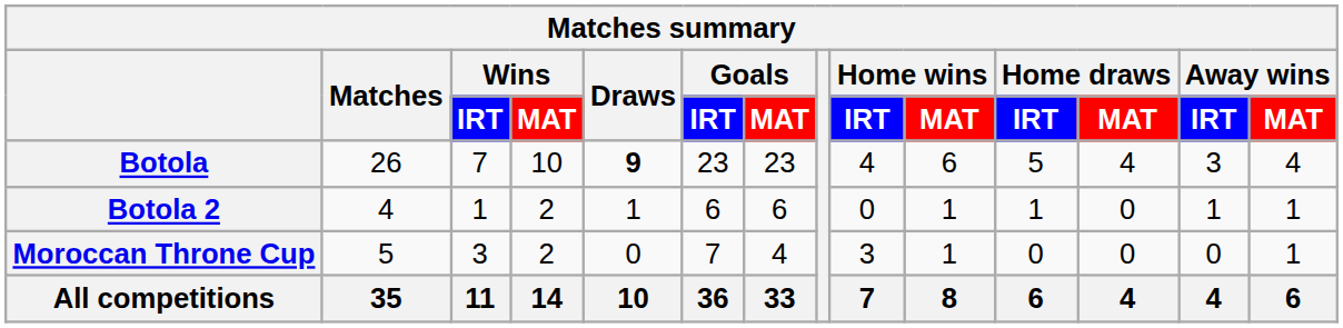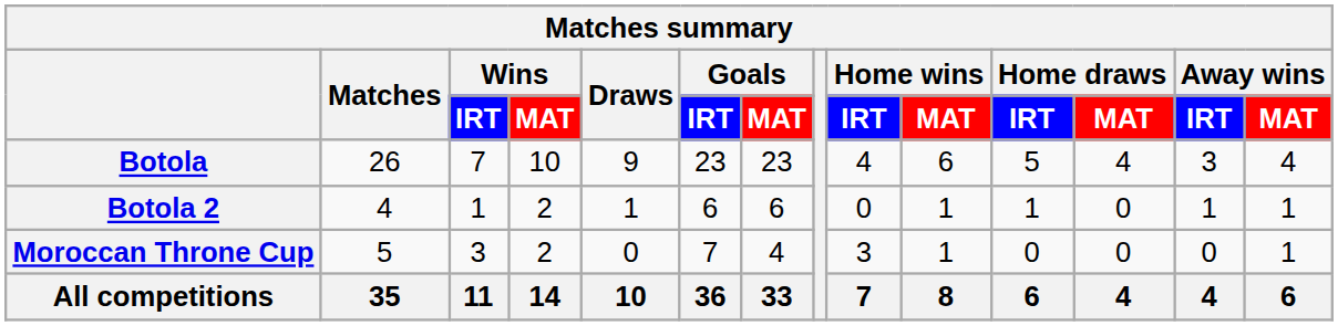 <table class="wikitable collapsible collapsed" style="text-align: center; width=25%; font-size: 11px">
 <tr>
 <th colspan="14"  style="text-align:center;">Matches summary</th>
 </tr>
 <tr>
 <th rowspan="2"></th>
 <th rowspan="2">Matches</th>
 <th colspan="2">Wins</th>
 <th rowspan="2">Draws</th>
 <th colspan="2">Goals</th>
 <th rowspan="6"></th>
 <th colspan="2">Home wins</th>
 <th colspan="2">Home draws</th>
 <th colspan="2">Away wins</th>
 </tr>
 <tr>
 <th style="color:#ffffff; background:#0000ff;">IRT</th>
 <th style="color:#ffffff; background:#ff0000;">MAT</th>
 <th style="color:#ffffff; background:#0000ff;">IRT</th>
 <th style="color:#ffffff; background:#ff0000;">MAT</th>
 <th style="color:#ffffff; background:#0000ff;">IRT</th>
 <th style="color:#ffffff; background:#ff0000;">MAT</th>
 <th style="color:#ffffff; background:#0000ff;">IRT</th>
 <th style="color:#ffffff; background:#ff0000;">MAT</th>
 <th style="color:#ffffff; background:#0000ff;">IRT</th>
 <th style="color:#ffffff; background:#ff0000;">MAT</th>
 </tr>
 <tr>
 <th scope="row"><a href='#'>Botola</a></th>
 <td>26</td>
 <td>7</td>
 <td>10</td>
-<td><strong>9</strong></td>
+<td>9</td>
 <td>23</td>
 <td>23</td>
 <td>4</td>
 <td>6</td>
 <td>5</td>
 <td>4</td>
 <td>3</td>
 <td>4</td>
 </tr>
 <tr>
 <th scope="row"><a href='#'>Botola 2</a></th>
 <td>4</td>
 <td>1</td>
 <td>2</td>
 <td>1</td>
 <td>6</td>
 <td>6</td>
 <td>0</td>
 <td>1</td>
 <td>1</td>
 <td>0</td>
 <td>1</td>
 <td>1</td>
 </tr>
 <tr>
 <th><a href='#'>Moroccan Throne Cup</a></th>
 <td>5</td>
 <td>3</td>
 <td>2</td>
 <td>0</td>
 <td>7</td>
 <td>4</td>
 <td>3</td>
 <td>1</td>
 <td>0</td>
 <td>0</td>
 <td>0</td>
 <td>1</td>
 </tr>
 <tr>
 <th scope="row">All competitions</th>
 <th>35</th>
 <th>11</th>
 <th>14</th>
 <th>10</th>
 <th>36</th>
 <th>33</th>
 <th>7</th>
 <th>8</th>
 <th>6</th>
 <th>4</th>
 <th>4</th>
 <th>6</th>
 </tr>
 </table>
